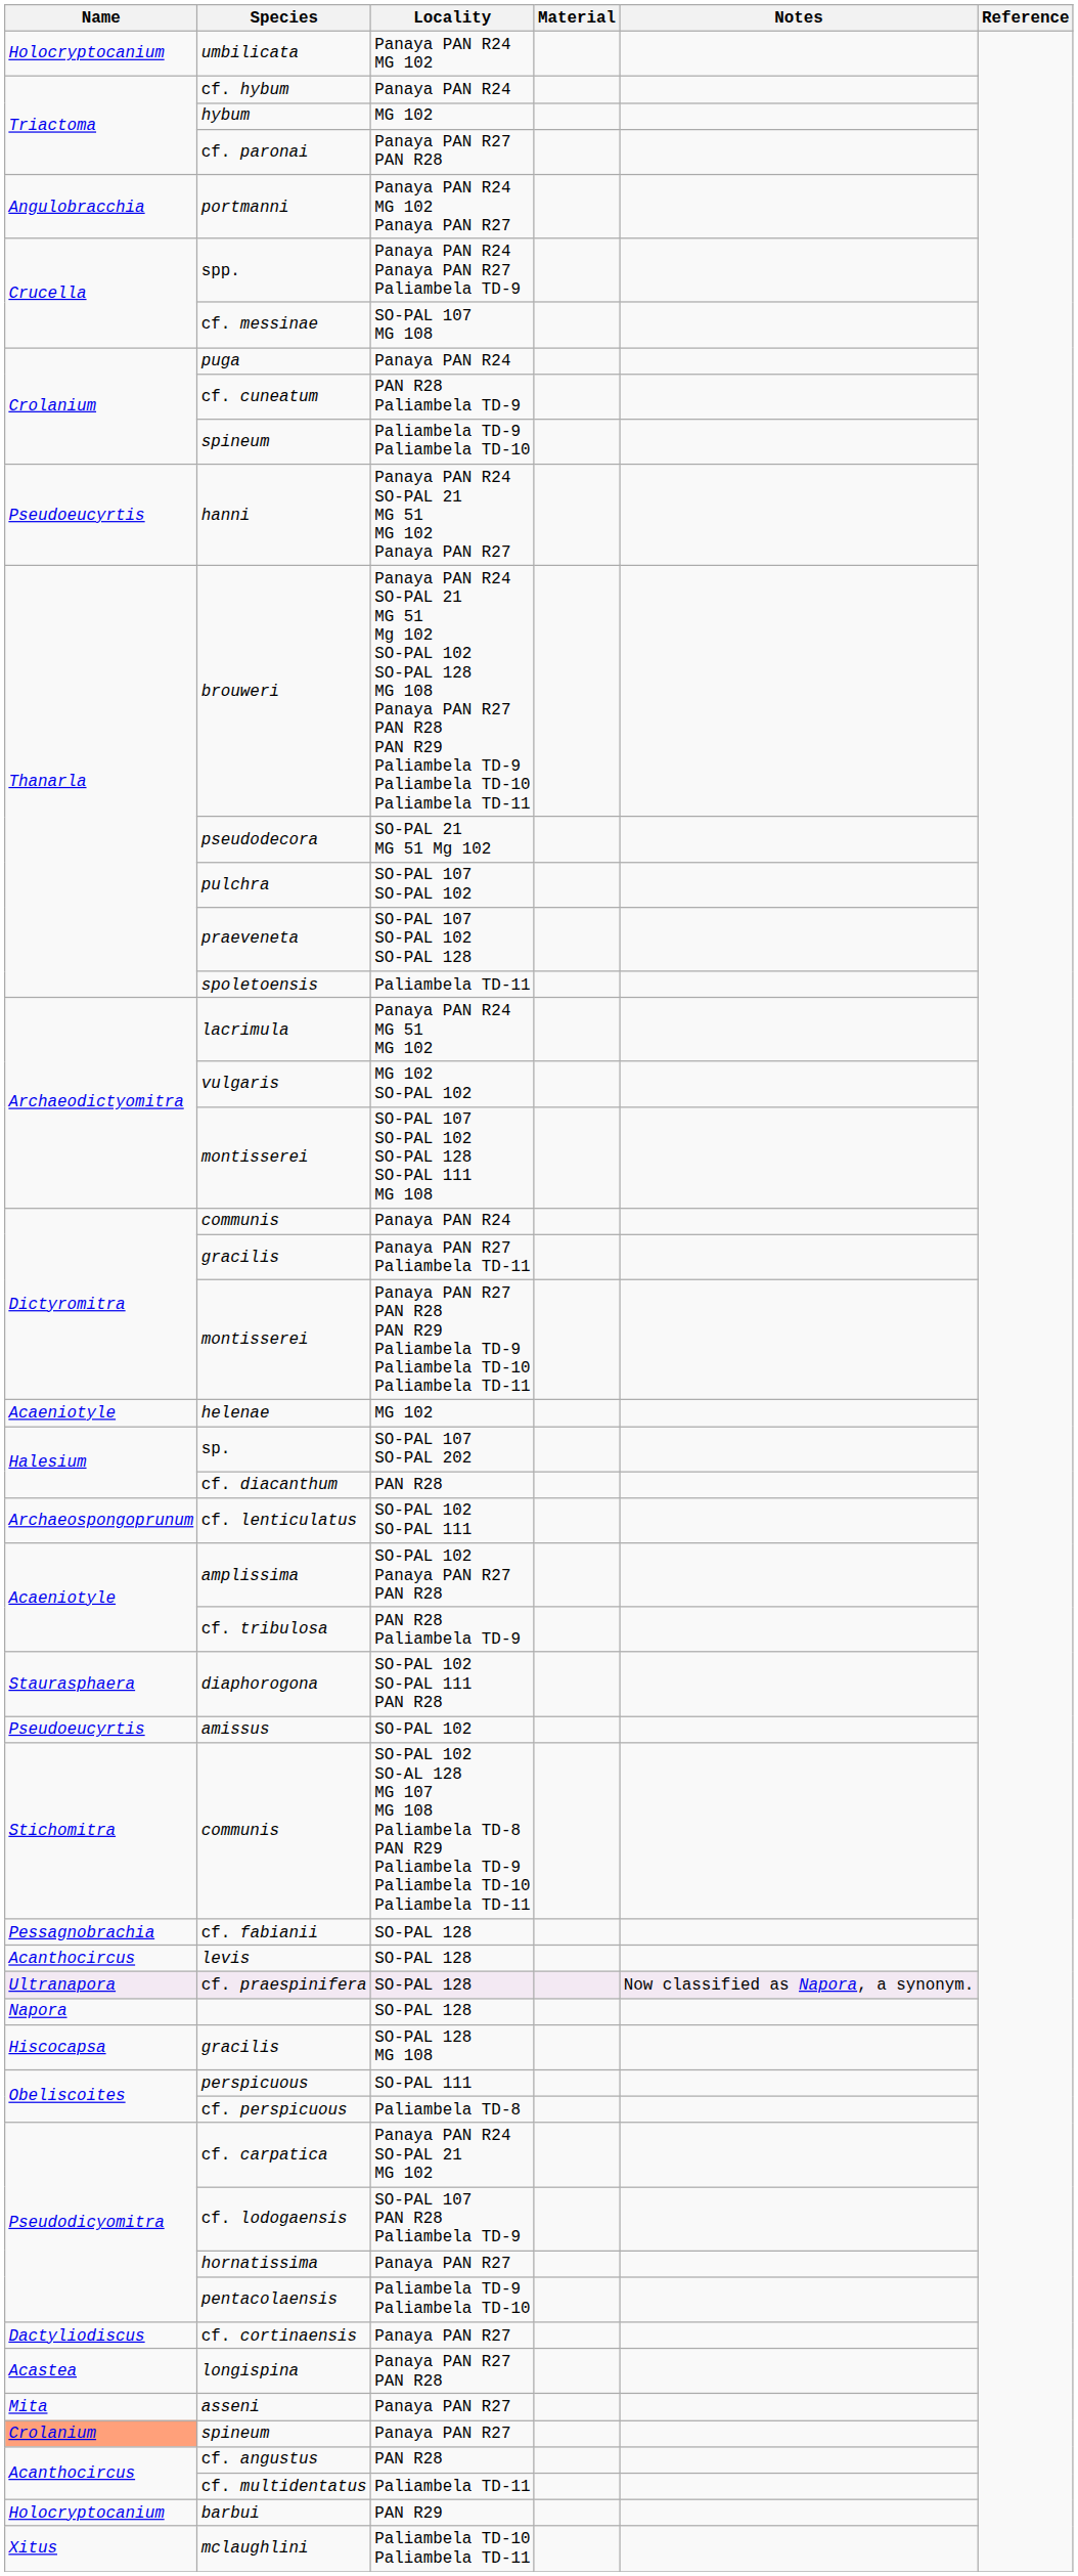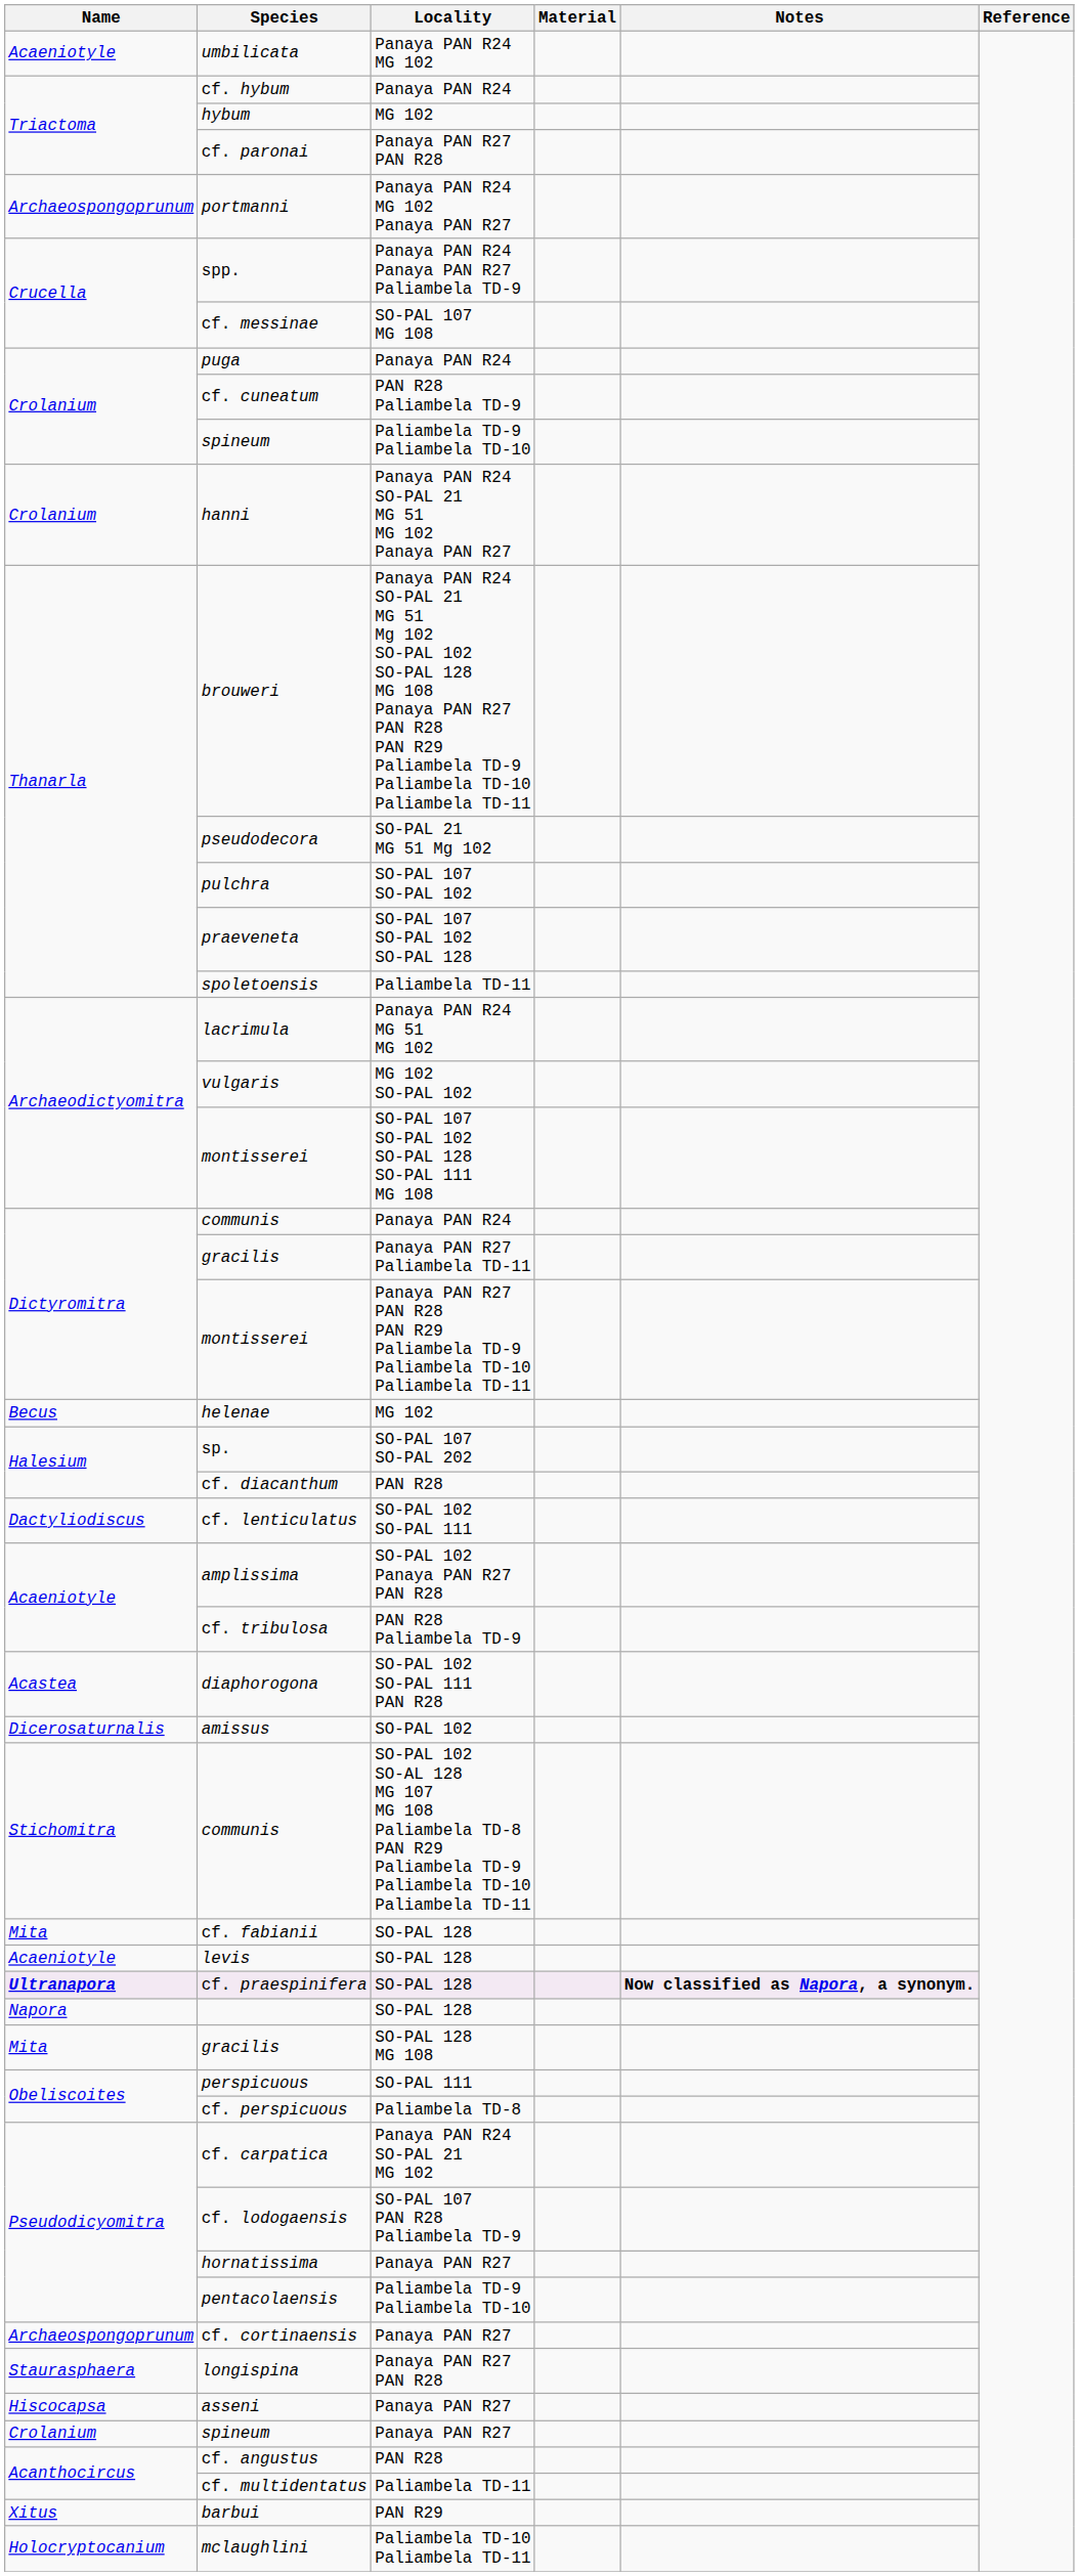 <table class="wikitable">
 <tr>
 <th>Name</th>
 <th>Species</th>
 <th>Locality</th>
 <th>Material</th>
 <th>Notes</th>
 <th>Reference</th>
 </tr>
 <tr>
-<td><em><a href='#'>Holocryptocanium</a></em></td>
+<td><em><a href='#'>Acaeniotyle</a></em></td>
 <td><em>umbilicata</em></td>
 <td>Panaya PAN R24<br>MG 102</td>
 <td></td>
 <td></td>
 <td rowspan="50"></td>
 </tr>
 <tr>
 <td rowspan="3"><em><a href='#'>Triactoma</a></em></td>
 <td>cf. <em>hybum</em></td>
 <td>Panaya PAN R24</td>
 <td></td>
 <td></td>
 </tr>
 <tr>
 <td><em>hybum</em></td>
 <td>MG 102</td>
 <td></td>
 <td></td>
 </tr>
 <tr>
 <td>cf. <em>paronai</em></td>
 <td>Panaya PAN R27<br>PAN R28</td>
 <td></td>
 <td></td>
 </tr>
 <tr>
-<td><em><a href='#'>Angulobracchia</a></em></td>
+<td><em><a href='#'>Archaeospongoprunum</a></em></td>
 <td><em>portmanni</em></td>
 <td>Panaya PAN R24<br>MG 102<br>Panaya PAN R27</td>
 <td></td>
 <td></td>
 </tr>
 <tr>
 <td rowspan="2"><em><a href='#'>Crucella</a></em></td>
 <td>spp.</td>
 <td>Panaya PAN R24<br>Panaya PAN R27<br>Paliambela TD-9</td>
 <td></td>
 <td></td>
 </tr>
 <tr>
 <td>cf. <em>messinae</em></td>
 <td>SO-PAL 107<br>MG 108</td>
 <td></td>
 <td></td>
 </tr>
 <tr>
 <td rowspan="3"><em><a href='#'>Crolanium</a></em></td>
 <td><em>puga</em></td>
 <td>Panaya PAN R24</td>
 <td></td>
 <td></td>
 </tr>
 <tr>
 <td>cf. <em>cuneatum</em></td>
 <td>PAN R28<br>Paliambela TD-9</td>
 <td></td>
 <td></td>
 </tr>
 <tr>
 <td><em>spineum</em></td>
 <td>Paliambela TD-9<br>Paliambela TD-10</td>
 <td></td>
 <td></td>
 </tr>
 <tr>
-<td><em><a href='#'>Pseudoeucyrtis</a></em></td>
+<td><em><a href='#'>Crolanium</a></em></td>
 <td><em>hanni</em></td>
 <td>Panaya PAN R24<br>SO-PAL 21<br>MG 51<br>MG 102<br>Panaya PAN R27</td>
 <td></td>
 <td></td>
 </tr>
 <tr>
 <td rowspan="5"><em><a href='#'>Thanarla</a></em></td>
 <td><em>brouweri</em></td>
 <td>Panaya PAN R24<br>SO-PAL 21<br>MG 51<br>Mg 102<br>SO-PAL 102<br>SO-PAL 128<br>MG 108<br>Panaya PAN R27<br>PAN R28<br>PAN R29<br>Paliambela TD-9<br>Paliambela TD-10<br>Paliambela TD-11</td>
 <td></td>
 <td></td>
 </tr>
 <tr>
 <td><em>pseudodecora</em></td>
 <td>SO-PAL 21<br>MG 51 Mg 102</td>
 <td></td>
 <td></td>
 </tr>
 <tr>
 <td><em>pulchra</em></td>
 <td>SO-PAL 107<br>SO-PAL 102</td>
 <td></td>
 <td></td>
 </tr>
 <tr>
 <td><em>praeveneta</em></td>
 <td>SO-PAL 107<br>SO-PAL 102<br>SO-PAL 128</td>
 <td></td>
 <td></td>
 </tr>
 <tr>
 <td><em>spoletoensis</em></td>
 <td>Paliambela TD-11</td>
 <td></td>
 <td></td>
 </tr>
 <tr>
 <td rowspan="3"><em><a href='#'>Archaeodictyomitra</a></em></td>
 <td><em>lacrimula</em></td>
 <td>Panaya PAN R24<br>MG 51<br>MG 102</td>
 <td></td>
 <td></td>
 </tr>
 <tr>
 <td><em>vulgaris</em></td>
 <td>MG 102<br>SO-PAL 102</td>
 <td></td>
 <td></td>
 </tr>
 <tr>
 <td><em>montisserei</em></td>
 <td>SO-PAL 107<br>SO-PAL 102<br>SO-PAL 128<br>SO-PAL 111<br>MG 108</td>
 <td></td>
 <td></td>
 </tr>
 <tr>
 <td rowspan="3"><em><a href='#'>Dictyromitra</a></em></td>
 <td><em>communis</em></td>
 <td>Panaya PAN R24</td>
 <td></td>
 <td></td>
 </tr>
 <tr>
 <td><em>gracilis</em></td>
 <td>Panaya PAN R27<br>Paliambela TD-11</td>
 <td></td>
 <td></td>
 </tr>
 <tr>
 <td><em>montisserei</em></td>
 <td>Panaya PAN R27<br>PAN R28<br>PAN R29<br>Paliambela TD-9<br>Paliambela TD-10<br>Paliambela TD-11</td>
 <td></td>
 <td></td>
 </tr>
 <tr>
-<td><em><a href='#'>Acaeniotyle</a></em></td>
+<td><em><a href='#'>Becus</a></em></td>
 <td><em>helenae</em></td>
 <td>MG 102</td>
 <td></td>
 <td></td>
 </tr>
 <tr>
 <td rowspan="2"><em><a href='#'>Halesium</a></em></td>
 <td>sp.</td>
 <td>SO-PAL 107<br>SO-PAL 202</td>
 <td></td>
 <td></td>
 </tr>
 <tr>
 <td>cf. <em>diacanthum</em></td>
 <td>PAN R28</td>
 <td></td>
 <td></td>
 </tr>
 <tr>
-<td><em><a href='#'>Archaeospongoprunum</a></em></td>
+<td><em><a href='#'>Dactyliodiscus</a></em></td>
 <td>cf. <em>lenticulatus</em></td>
 <td>SO-PAL 102<br>SO-PAL 111</td>
 <td></td>
 <td></td>
 </tr>
 <tr>
 <td rowspan="2"><em><a href='#'>Acaeniotyle</a></em></td>
 <td><em>amplissima</em></td>
 <td>SO-PAL 102<br>Panaya PAN R27<br>PAN R28</td>
 <td></td>
 <td></td>
 </tr>
 <tr>
 <td>cf. <em>tribulosa</em></td>
 <td>PAN R28<br>Paliambela TD-9</td>
 <td></td>
 <td></td>
 </tr>
 <tr>
-<td><em><a href='#'>Staurasphaera</a></em></td>
+<td><em><a href='#'>Acastea</a></em></td>
 <td><em>diaphorogona</em></td>
 <td>SO-PAL 102<br>SO-PAL 111<br>PAN R28</td>
 <td></td>
 <td></td>
 </tr>
 <tr>
-<td><em><a href='#'>Pseudoeucyrtis</a></em></td>
+<td><em><a href='#'>Dicerosaturnalis</a></em></td>
 <td><em>amissus</em></td>
 <td>SO-PAL 102</td>
 <td></td>
 <td></td>
 </tr>
 <tr>
 <td><em><a href='#'>Stichomitra</a></em></td>
 <td><em>communis</em></td>
 <td>SO-PAL 102<br>SO-AL 128<br>MG 107<br>MG 108<br>Paliambela TD-8<br>PAN R29<br>Paliambela TD-9<br>Paliambela TD-10<br>Paliambela TD-11</td>
 <td></td>
 <td></td>
 </tr>
 <tr>
-<td><em><a href='#'>Pessagnobrachia</a></em></td>
+<td><em><a href='#'>Mita</a></em></td>
 <td>cf. <em>fabianii</em></td>
 <td>SO-PAL 128</td>
 <td></td>
 <td></td>
 </tr>
 <tr>
-<td><em><a href='#'>Acanthocircus</a></em></td>
+<td><em><a href='#'>Acaeniotyle</a></em></td>
 <td><em>levis</em></td>
 <td>SO-PAL 128</td>
 <td></td>
 <td></td>
 </tr>
 <tr>
-<td style="background:#f3e9f3;"><em><a href='#'>Ultranapora</a></em></td>
+<td style="background:#f3e9f3;"><strong><em><a href='#'>Ultranapora</a></em></strong></td>
 <td style="background:#f3e9f3;">cf. <em>praespinifera</em></td>
 <td style="background:#f3e9f3;">SO-PAL 128</td>
 <td style="background:#f3e9f3;"></td>
-<td style="background:#f3e9f3; ">Now classified as <em><a href='#'>Napora</a></em>, a synonym.</td>
+<td style="background:#f3e9f3; "><strong>Now classified as <em><a href='#'>Napora</a></em>, a synonym.</strong></td>
 </tr>
 <tr>
 <td><em><a href='#'>Napora</a></em></td>
 <td></td>
 <td>SO-PAL 128</td>
 <td></td>
 <td></td>
 </tr>
 <tr>
-<td><em><a href='#'>Hiscocapsa</a></em></td>
+<td><em><a href='#'>Mita</a></em></td>
 <td><em>gracilis</em></td>
 <td>SO-PAL 128<br>MG 108</td>
 <td></td>
 <td></td>
 </tr>
 <tr>
 <td rowspan="2"><em><a href='#'>Obeliscoites</a></em></td>
 <td><em>perspicuous</em></td>
 <td>SO-PAL 111</td>
 <td></td>
 <td></td>
 </tr>
 <tr>
 <td>cf. <em>perspicuous</em></td>
 <td>Paliambela TD-8</td>
 <td></td>
 <td></td>
 </tr>
 <tr>
 <td rowspan="4"><em><a href='#'>Pseudodicyomitra</a></em></td>
 <td>cf. <em>carpatica</em></td>
 <td>Panaya PAN R24<br>SO-PAL 21<br>MG 102</td>
 <td></td>
 <td></td>
 </tr>
 <tr>
 <td>cf. <em>lodogaensis</em></td>
 <td>SO-PAL 107<br>PAN R28<br>Paliambela TD-9</td>
 <td></td>
 <td></td>
 </tr>
 <tr>
 <td><em>hornatissima</em></td>
 <td>Panaya PAN R27</td>
 <td></td>
 <td></td>
 </tr>
 <tr>
 <td><em>pentacolaensis</em></td>
 <td>Paliambela TD-9<br>Paliambela TD-10</td>
 <td></td>
 <td></td>
 </tr>
 <tr>
-<td><em><a href='#'>Dactyliodiscus</a></em></td>
+<td><em><a href='#'>Archaeospongoprunum</a></em></td>
 <td>cf. <em>cortinaensis</em></td>
 <td>Panaya PAN R27</td>
 <td></td>
 <td></td>
 </tr>
 <tr>
-<td><em><a href='#'>Acastea</a></em></td>
+<td><em><a href='#'>Staurasphaera</a></em></td>
 <td><em>longispina</em></td>
 <td>Panaya PAN R27<br>PAN R28</td>
 <td></td>
 <td></td>
 </tr>
 <tr>
-<td><em><a href='#'>Mita</a></em></td>
+<td><em><a href='#'>Hiscocapsa</a></em></td>
 <td><em>asseni</em></td>
 <td>Panaya PAN R27</td>
 <td></td>
 <td></td>
 </tr>
 <tr>
-<td style="background: lightsalmon;"><em><a href='#'>Crolanium</a></em></td>
+<td><em><a href='#'>Crolanium</a></em></td>
 <td><em>spineum</em></td>
 <td>Panaya PAN R27</td>
 <td></td>
 <td></td>
 </tr>
 <tr>
 <td rowspan="2"><em><a href='#'>Acanthocircus</a></em></td>
 <td>cf. <em>angustus</em></td>
 <td>PAN R28</td>
 <td></td>
 <td></td>
 </tr>
 <tr>
 <td>cf. <em>multidentatus</em></td>
 <td>Paliambela TD-11</td>
 <td></td>
 <td></td>
 </tr>
 <tr>
-<td><em><a href='#'>Holocryptocanium</a></em></td>
+<td><em><a href='#'>Xitus</a></em></td>
 <td><em>barbui</em></td>
 <td>PAN R29</td>
 <td></td>
 <td></td>
 </tr>
 <tr>
-<td><em><a href='#'>Xitus</a></em></td>
+<td><em><a href='#'>Holocryptocanium</a></em></td>
 <td><em>mclaughlini</em></td>
 <td>Paliambela TD-10<br>Paliambela TD-11</td>
 <td></td>
 <td></td>
 </tr>
 </table>
